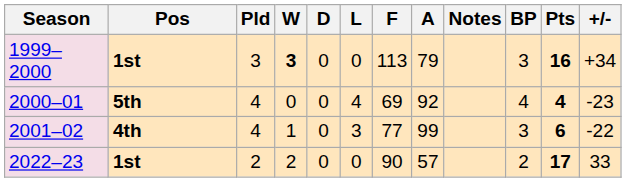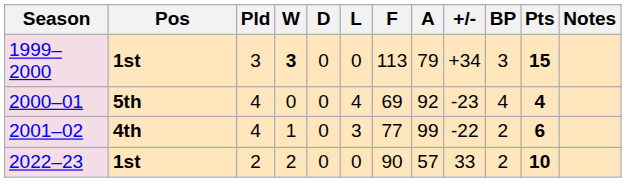 <table class="wikitable">
 <tr border=1 cellpadding=5 cellspacing=0>
 <th style="width:80px;">Season</th>
 <th style="width:100px;">Pos</th>
 <th style="width:20px;">Pld</th>
 <th style="width:20px;">W</th>
 <th style="width:20px;">D</th>
 <th style="width:20px;">L</th>
 <th style="width:20px;">F</th>
 <th style="width:20px;">A</th>
-<th>Notes<br></th>
+<th style="width:25px;">+/-</th>
 <th style="width:20px;">BP</th>
 <th style="width:20px;">Pts</th>
-<th style="width:25px;">+/-</th>
+<th>Notes<br></th>
 </tr>
 <tr align=center>
 <td style="text-align:left; background:#F4DDE7;"><a href='#'>1999–2000</a></td>
 <td style="text-align:left; background:#ffe6bd;"><strong>1st</strong></td>
 <td style="background:#ffe6bd;">3</td>
 <td style="background:#ffe6bd;"><strong>3</strong></td>
 <td style="background:#ffe6bd;">0</td>
 <td style="background:#ffe6bd;">0</td>
 <td style="background:#ffe6bd;">113</td>
 <td style="background:#ffe6bd;">79</td>
+<td style="background:#ffe6bd;">+34</td>
+<td style="background:#ffe6bd;">3</td>
+<td style="background:#ffe6bd;"><strong>15</strong></td>
 <td style="background:#ffe6bd;"><br> </td>
-<td style="background:#ffe6bd;">3</td>
-<td style="background:#ffe6bd;"><strong>16</strong></td>
-<td style="background:#ffe6bd;">+34</td>
 </tr>
 <tr align=center>
 <td style="text-align:left; background:#F4DDE7;"><a href='#'>2000–01</a></td>
 <td style="text-align:left; background:#ffe6bd;"><strong>5th</strong></td>
 <td style="background:#ffe6bd;">4</td>
 <td style="background:#ffe6bd;">0</td>
 <td style="background:#ffe6bd;">0</td>
 <td style="background:#ffe6bd;">4</td>
 <td style="background:#ffe6bd;">69</td>
 <td style="background:#ffe6bd;">92</td>
-<td style="background:#ffe6bd;"><br> </td>
+<td style="background:#ffe6bd;">-23</td>
 <td style="background:#ffe6bd;">4</td>
 <td style="background:#ffe6bd;"><strong>4</strong></td>
-<td style="background:#ffe6bd;">-23</td>
+<td style="background:#ffe6bd;"><br> </td>
 </tr>
 <tr align=center>
 <td style="text-align:left; background:#F4DDE7;"><a href='#'>2001–02</a></td>
 <td style="text-align:left; background:#ffe6bd;"><strong>4th</strong></td>
 <td style="background:#ffe6bd;">4</td>
 <td style="background:#ffe6bd;">1</td>
 <td style="background:#ffe6bd;">0</td>
 <td style="background:#ffe6bd;">3</td>
 <td style="background:#ffe6bd;">77</td>
 <td style="background:#ffe6bd;">99</td>
+<td style="background:#ffe6bd;">-22</td>
+<td style="background:#ffe6bd;">2</td>
+<td style="background:#ffe6bd;"><strong>6</strong></td>
 <td style="background:#ffe6bd;"><br> </td>
-<td style="background:#ffe6bd;">3</td>
-<td style="background:#ffe6bd;"><strong>6</strong></td>
-<td style="background:#ffe6bd;">-22</td>
 </tr>
 <tr align=center>
 <td style="text-align:left; background:#F4DDE7;"><a href='#'>2022–23</a></td>
 <td style="text-align:left; background:#ffe6bd;"><strong>1st</strong></td>
 <td style="background:#ffe6bd;">2</td>
 <td style="background:#ffe6bd;">2</td>
 <td style="background:#ffe6bd;">0</td>
 <td style="background:#ffe6bd;">0</td>
 <td style="background:#ffe6bd;">90</td>
 <td style="background:#ffe6bd;">57</td>
+<td style="background:#ffe6bd;">33</td>
+<td style="background:#ffe6bd;">2</td>
+<td style="background:#ffe6bd;"><strong>10</strong></td>
 <td style="background:#ffe6bd;"><br></td>
-<td style="background:#ffe6bd;">2</td>
-<td style="background:#ffe6bd;"><strong>17</strong></td>
-<td style="background:#ffe6bd;">33</td>
 </tr>
 </table>
